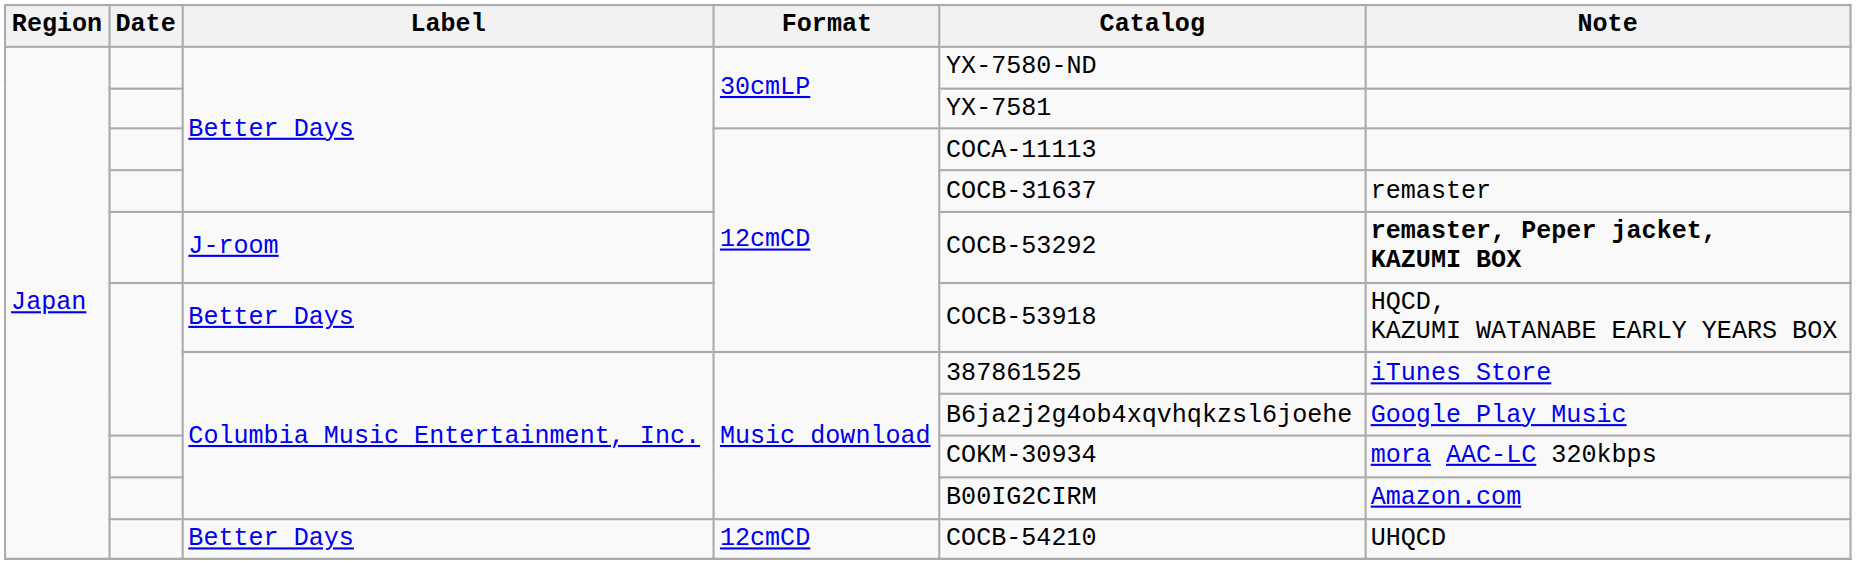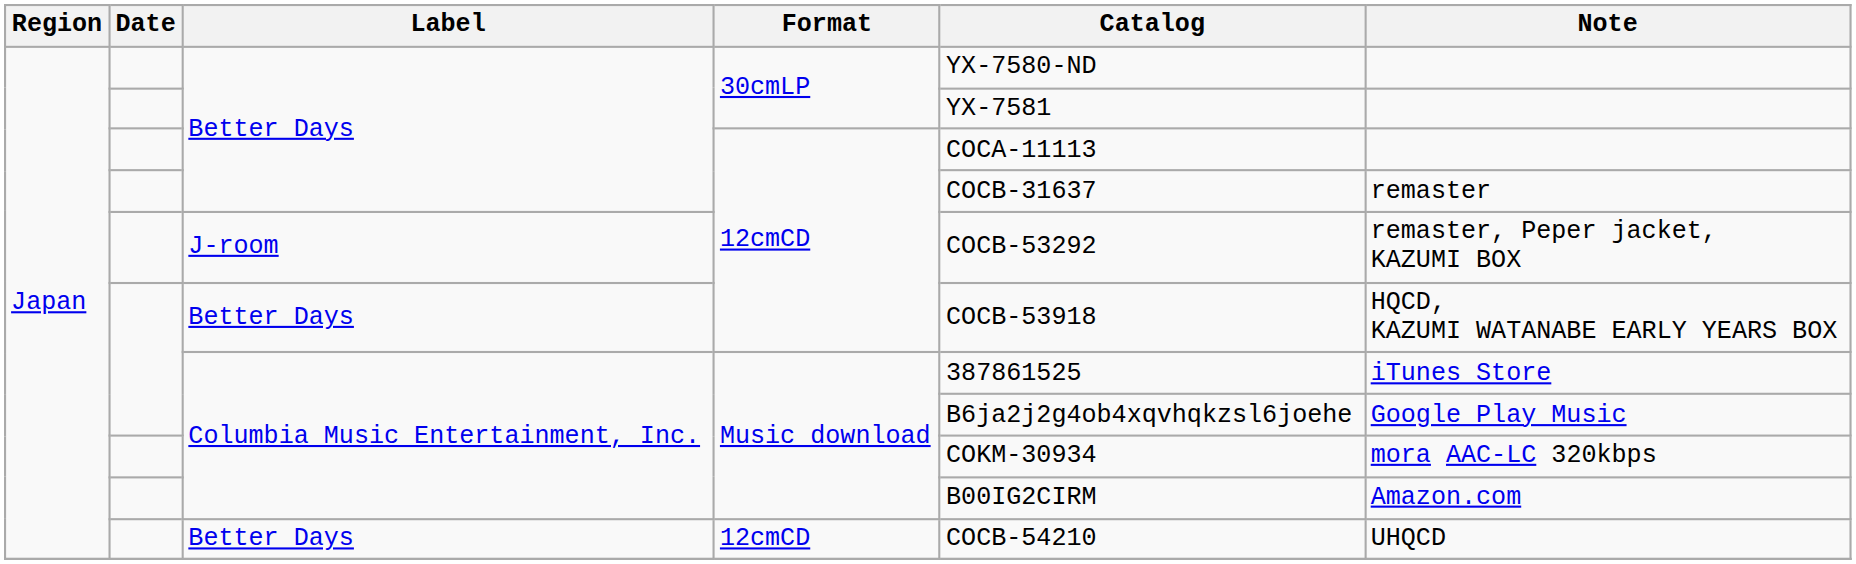 <table class="wikitable sortable" style="margin:0 auto; font-size:small; width:100%">
 <tr>
 <th>Region</th>
 <th>Date</th>
 <th>Label</th>
 <th>Format</th>
 <th>Catalog</th>
 <th>Note</th>
 </tr>
 <tr>
 <td rowspan="11"><a href='#'>Japan</a></td>
 <td></td>
 <td rowspan="4"><a href='#'>Better Days</a></td>
 <td rowspan="2"><a href='#'>30cmLP</a></td>
 <td>YX-7580-ND</td>
 <td></td>
 </tr>
 <tr>
 <td></td>
 <td>YX-7581</td>
 <td></td>
 </tr>
 <tr>
 <td></td>
 <td rowspan="4"><a href='#'>12cmCD</a></td>
 <td>COCA-11113</td>
 <td></td>
 </tr>
 <tr>
 <td></td>
 <td>COCB-31637</td>
 <td>remaster</td>
 </tr>
 <tr>
 <td></td>
 <td><a href='#'>J-room</a></td>
 <td>COCB-53292</td>
-<td><strong>remaster, Peper jacket, <br>KAZUMI BOX</strong></td>
+<td>remaster, Peper jacket, <br>KAZUMI BOX</td>
 </tr>
 <tr>
 <td rowspan="3"></td>
 <td><a href='#'>Better Days</a></td>
 <td>COCB-53918</td>
 <td>HQCD, <br>KAZUMI WATANABE EARLY YEARS BOX</td>
 </tr>
 <tr>
 <td rowspan="4"><a href='#'>Columbia Music Entertainment, Inc.</a></td>
 <td rowspan="4"><a href='#'>Music download</a></td>
 <td>387861525</td>
 <td><a href='#'>iTunes Store</a></td>
 </tr>
 <tr>
 <td>B6ja2j2g4ob4xqvhqkzsl6joehe</td>
 <td><a href='#'>Google Play Music</a></td>
 </tr>
 <tr>
 <td></td>
 <td>COKM-30934</td>
 <td><a href='#'>mora</a> <a href='#'>AAC-LC</a> 320kbps</td>
 </tr>
 <tr>
 <td></td>
 <td>B00IG2CIRM</td>
 <td><a href='#'>Amazon.com</a></td>
 </tr>
 <tr>
 <td></td>
 <td><a href='#'>Better Days</a></td>
 <td><a href='#'>12cmCD</a></td>
 <td>COCB-54210</td>
 <td>UHQCD</td>
 </tr>
 <tr>
 </tr>
 </table>
